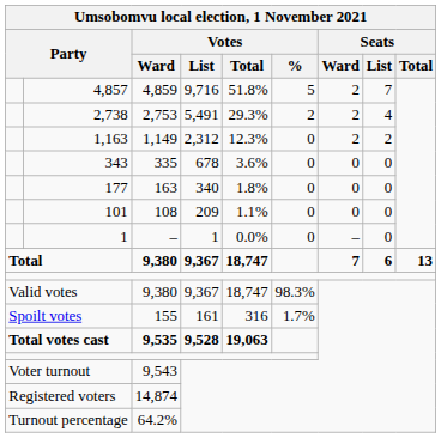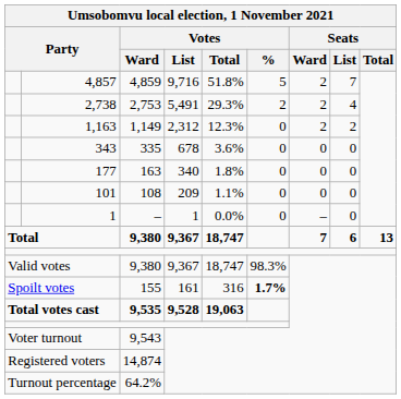 <table class=wikitable style="text-align:right">
 <tr>
 <th colspan="9" align="center">Umsobomvu local election, 1 November 2021</th>
 </tr>
 <tr>
 <th rowspan="2" colspan="2">Party</th>
 <th colspan="4" align="center">Votes</th>
 <th colspan="3" align="center">Seats</th>
 </tr>
 <tr>
 <th>Ward</th>
 <th>List</th>
 <th>Total</th>
 <th>%</th>
 <th>Ward</th>
 <th>List</th>
 <th>Total</th>
 </tr>
 <tr>
 <td></td>
 <td>4,857</td>
 <td>4,859</td>
 <td>9,716</td>
 <td>51.8%</td>
 <td>5</td>
 <td>2</td>
 <td>7</td>
 </tr>
 <tr>
 <td></td>
 <td>2,738</td>
 <td>2,753</td>
 <td>5,491</td>
 <td>29.3%</td>
 <td>2</td>
 <td>2</td>
 <td>4</td>
 </tr>
 <tr>
 <td></td>
 <td>1,163</td>
 <td>1,149</td>
 <td>2,312</td>
 <td>12.3%</td>
 <td>0</td>
 <td>2</td>
 <td>2</td>
 </tr>
 <tr>
 <td></td>
 <td>343</td>
 <td>335</td>
 <td>678</td>
 <td>3.6%</td>
 <td>0</td>
 <td>0</td>
 <td>0</td>
 </tr>
 <tr>
 <td></td>
 <td>177</td>
 <td>163</td>
 <td>340</td>
 <td>1.8%</td>
 <td>0</td>
 <td>0</td>
 <td>0</td>
 </tr>
 <tr>
 <td></td>
 <td>101</td>
 <td>108</td>
 <td>209</td>
 <td>1.1%</td>
 <td>0</td>
 <td>0</td>
 <td>0</td>
 </tr>
 <tr>
 <td></td>
 <td>1</td>
 <td>–</td>
 <td>1</td>
 <td>0.0%</td>
 <td>0</td>
 <td>–</td>
 <td>0</td>
 </tr>
 <tr>
 <td colspan="2" style="text-align:left"><strong>Total</strong></td>
 <td><strong>9,380</strong></td>
 <td><strong>9,367</strong></td>
 <td><strong>18,747</strong></td>
 <td></td>
 <td><strong>7</strong></td>
 <td><strong>6</strong></td>
 <td><strong>13</strong></td>
 </tr>
 <tr>
 <td colspan="9"></td>
 </tr>
 <tr>
 <td colspan="2" style="text-align:left">Valid votes</td>
 <td>9,380</td>
 <td>9,367</td>
 <td>18,747</td>
 <td>98.3%</td>
 </tr>
 <tr>
 <td colspan="2" style="text-align:left"><a href='#'>Spoilt votes</a></td>
 <td>155</td>
 <td>161</td>
 <td>316</td>
-<td>1.7%</td>
+<td><strong>1.7%</strong></td>
 </tr>
 <tr>
 <td colspan="2" style="text-align:left"><strong>Total votes cast</strong></td>
 <td><strong>9,535</strong></td>
 <td><strong>9,528</strong></td>
 <td><strong>19,063</strong></td>
 <td></td>
 </tr>
 <tr>
 <td colspan="6"></td>
 </tr>
 <tr>
 <td colspan="2" style="text-align:left">Voter turnout</td>
 <td>9,543</td>
 </tr>
 <tr>
 <td colspan="2" style="text-align:left">Registered voters</td>
 <td>14,874</td>
 </tr>
 <tr>
 <td colspan="2" style="text-align:left">Turnout percentage</td>
 <td>64.2%</td>
 </tr>
 </table>
